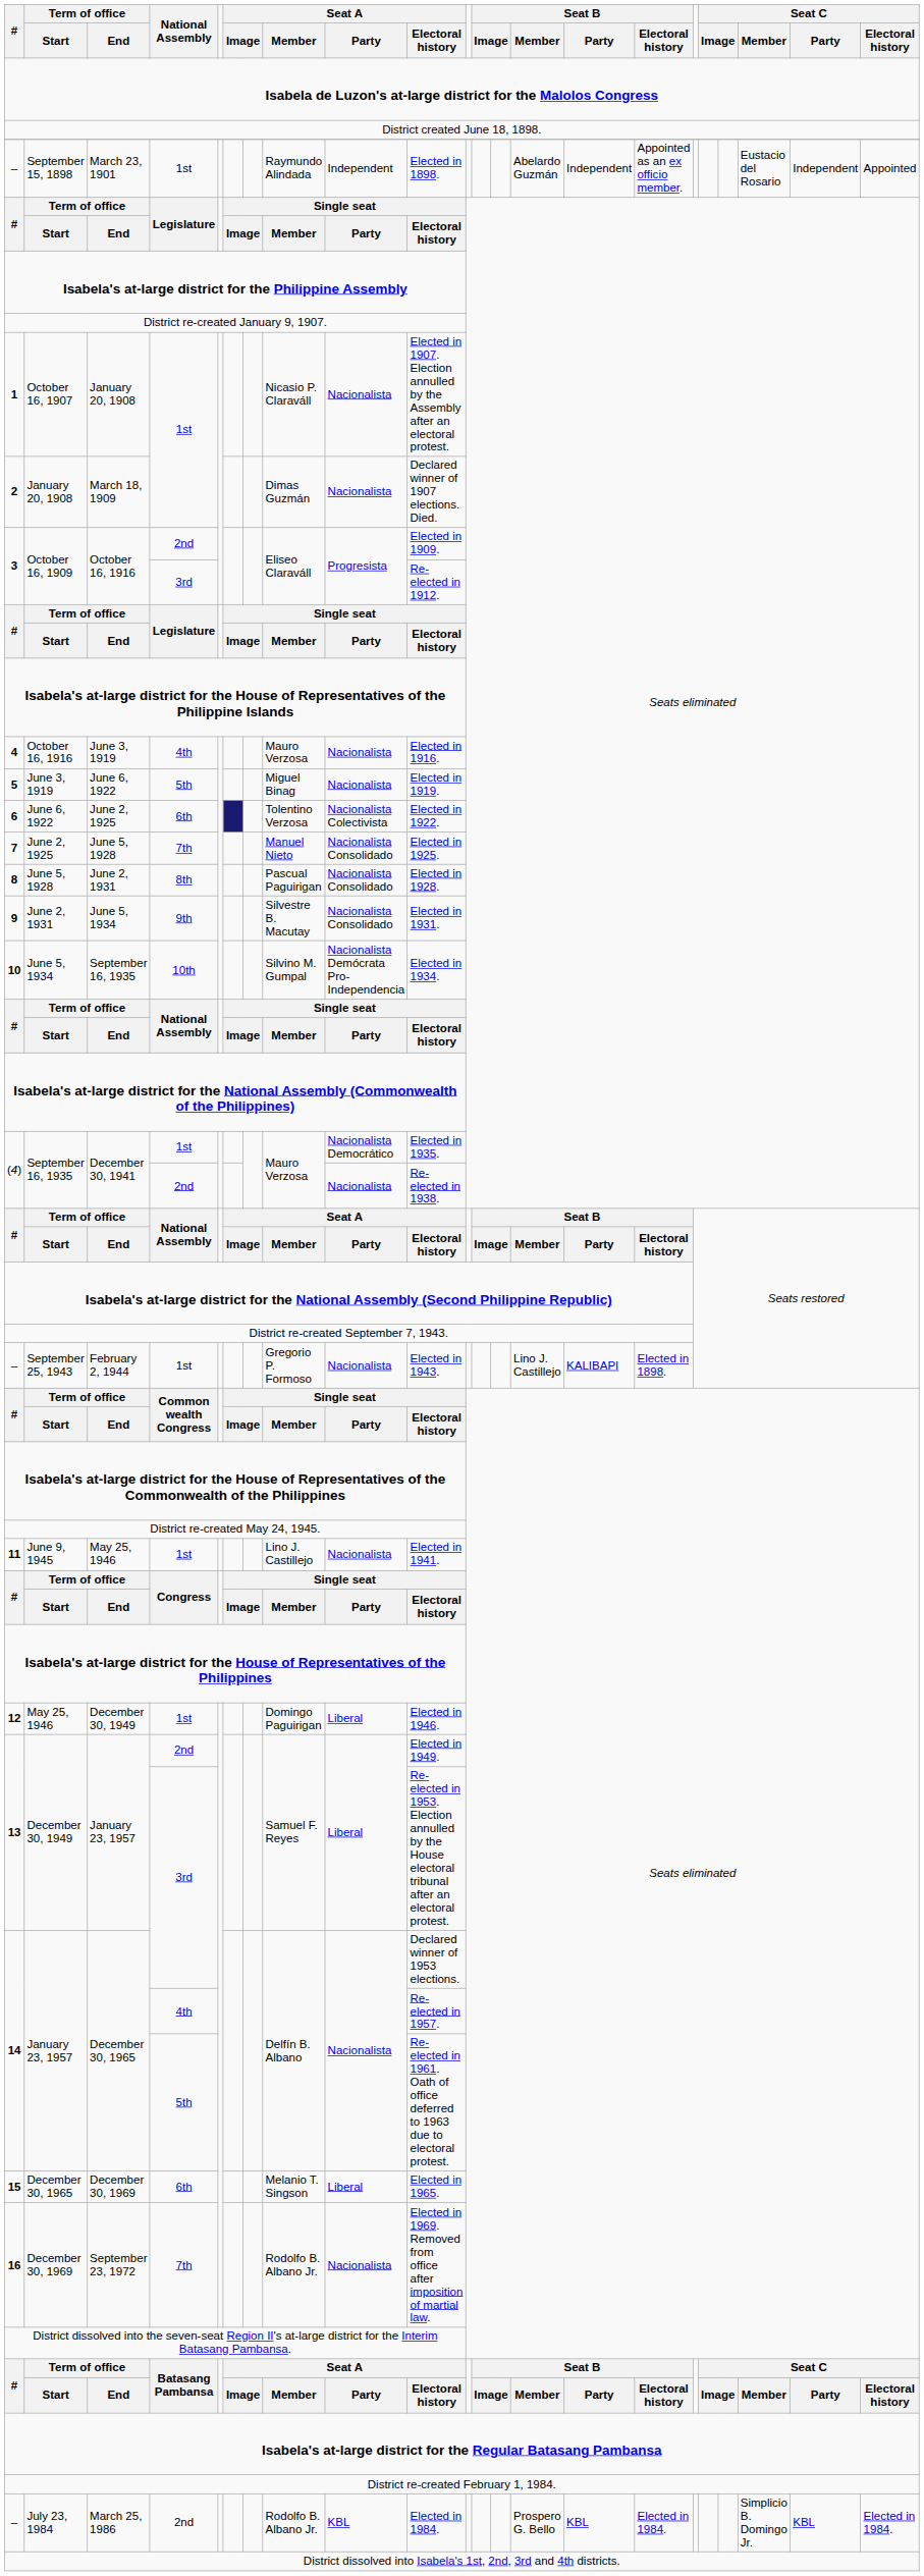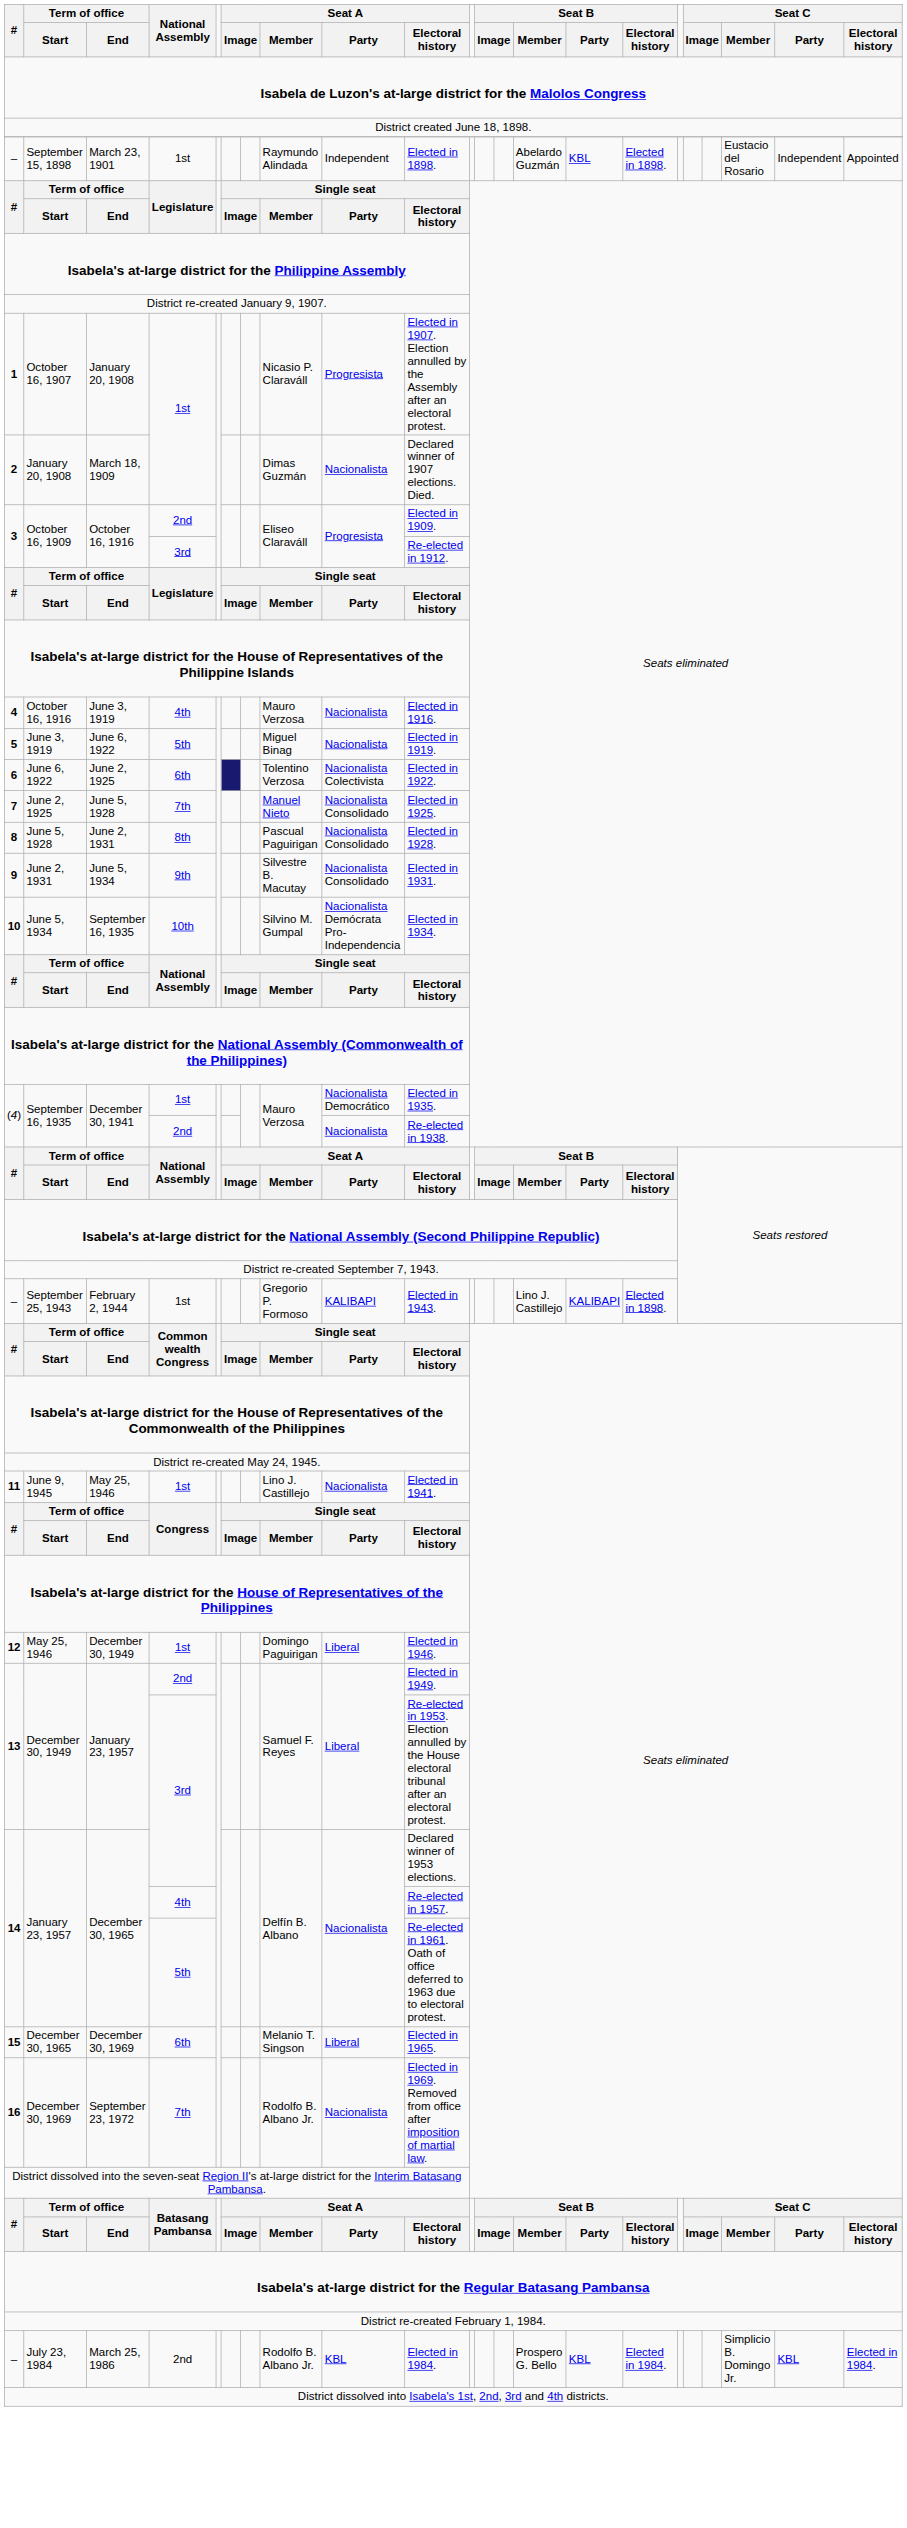 <table class=wikitable>
 <tr>
 <th rowspan=2>#</th>
 <th colspan=2>Term of office</th>
 <th rowspan=2>National<br>Assembly</th>
 <td rowspan=2></td>
 <th colspan=5>Seat A</th>
 <td rowspan=2></td>
 <th colspan=5>Seat B</th>
 <td rowspan=2></td>
 <th colspan=5>Seat C</th>
 </tr>
 <tr style="height:3em">
 <th>Start</th>
 <th>End</th>
 <th colspan="2" style="text-align:center;">Image</th>
 <th>Member</th>
 <th>Party</th>
 <th>Electoral history</th>
 <th colspan="2" style="text-align:center;">Image</th>
 <th>Member</th>
 <th>Party</th>
 <th>Electoral history</th>
 <th colspan="2" style="text-align:center;">Image</th>
 <th>Member</th>
 <th>Party</th>
 <th>Electoral history</th>
 </tr>
 <tr>
 <td colspan="22" style="text-align:center;"><br><h3>Isabela de Luzon's at-large district for the <a href='#'>Malolos Congress</a></h3></td>
 </tr>
 <tr>
 <td colspan="22" style="text-align:center;">District created June 18, 1898.</td>
 </tr>
 <tr>
 </tr>
 <tr style="height:3em">
 <td style="text-align:center;">–</td>
 <td>September 15, 1898</td>
 <td>March 23, 1901</td>
 <td style="text-align:center;">1st</td>
 <td></td>
 <td style="color:inherit;background:"></td>
 <td></td>
 <td>Raymundo Alindada</td>
 <td>Independent</td>
 <td><a href='#'>Elected in 1898</a>.</td>
 <td></td>
 <td style="color:inherit;background:"></td>
 <td></td>
 <td>Abelardo Guzmán</td>
-<td>Independent</td>
-<td>Appointed as an <a href='#'>ex officio member</a>.</td>
+<td><a href='#'>KBL</a></td>
+<td><a href='#'>Elected in 1898</a>.</td>
 <td></td>
 <td style="color:inherit;background:"></td>
 <td></td>
 <td>Eustacio del Rosario</td>
 <td>Independent</td>
 <td>Appointed</td>
 </tr>
 <tr>
 <th rowspan=2>#</th>
 <th colspan=2>Term of office</th>
 <th rowspan=2>Legislature</th>
 <td rowspan=2></td>
 <th colspan=5>Single seat</th>
 <td rowspan=23 colspan=13 style="text-align:center;"><em>Seats eliminated</em></td>
 </tr>
 <tr style="height:3em">
 <th>Start</th>
 <th>End</th>
 <th colspan="2" style="text-align:center;">Image</th>
 <th>Member</th>
 <th>Party</th>
 <th>Electoral history</th>
 </tr>
 <tr>
 <td colspan="10" style="text-align:center;"><br><h3>Isabela's at-large district for the <a href='#'>Philippine Assembly</a></h3></td>
 </tr>
 <tr>
 <td colspan="10" style="text-align:center;">District re-created January 9, 1907.</td>
 </tr>
 <tr>
 <td style="text-align:center;"><strong>1</strong></td>
 <td>October 16, 1907</td>
 <td>January 20, 1908</td>
 <td rowspan="2" style="text-align:center;"><a href='#'>1st</a></td>
 <td rowspan="4"></td>
 <td style="color:inherit;background:"></td>
 <td></td>
 <td>Nicasio P. Claraváll</td>
-<td><a href='#'>Nacionalista</a></td>
+<td><a href='#'>Progresista</a></td>
 <td><a href='#'>Elected in 1907</a>.<br>Election annulled by the Assembly after an electoral protest.</td>
 </tr>
 <tr>
 <td style="text-align:center;"><strong>2</strong></td>
 <td>January 20, 1908</td>
 <td>March 18, 1909</td>
 <td style="color:inherit;background:"></td>
 <td></td>
 <td>Dimas Guzmán</td>
 <td><a href='#'>Nacionalista</a></td>
 <td>Declared winner of 1907 elections.<br>Died.</td>
 </tr>
 <tr>
 <td rowspan="2" style="text-align:center;"><strong>3</strong></td>
 <td rowspan="2">October 16, 1909</td>
 <td rowspan="2">October 16, 1916</td>
 <td style="text-align:center;"><a href='#'>2nd</a></td>
 <td rowspan="2" style="color:inherit;background:"></td>
 <td rowspan="2"></td>
 <td rowspan="2">Eliseo Claraváll</td>
 <td rowspan="2"><a href='#'>Progresista</a></td>
 <td><a href='#'>Elected in 1909</a>.</td>
 </tr>
 <tr>
 <td style="text-align:center;"><a href='#'>3rd</a></td>
 <td><a href='#'>Re-elected in 1912</a>.</td>
 </tr>
 <tr>
 <th rowspan=2>#</th>
 <th colspan=2>Term of office</th>
 <th rowspan=2>Legislature</th>
 <td rowspan=2></td>
 <th colspan=5>Single seat</th>
 </tr>
 <tr style="height:3em">
 <th>Start</th>
 <th>End</th>
 <th colspan="2" style="text-align:center;">Image</th>
 <th>Member</th>
 <th>Party</th>
 <th>Electoral history</th>
 </tr>
 <tr>
 <td colspan="10" style="text-align:center;"><br><h3>Isabela's at-large district for the House of Representatives of the Philippine Islands</h3></td>
 </tr>
 <tr>
 <td style="text-align:center;"><strong>4</strong></td>
 <td>October 16, 1916</td>
 <td>June 3, 1919</td>
 <td style="text-align:center;"><a href='#'>4th</a></td>
 <td rowspan=7></td>
 <td style="color:inherit;background:"></td>
 <td></td>
 <td>Mauro Verzosa</td>
 <td><a href='#'>Nacionalista</a></td>
 <td><a href='#'>Elected in 1916</a>.</td>
 </tr>
 <tr>
 <td style="text-align:center;"><strong>5</strong></td>
 <td>June 3, 1919</td>
 <td>June 6, 1922</td>
 <td style="text-align:center;"><a href='#'>5th</a></td>
 <td style="color:inherit;background:"></td>
 <td></td>
 <td>Miguel Binag</td>
 <td><a href='#'>Nacionalista</a></td>
 <td><a href='#'>Elected in 1919</a>.</td>
 </tr>
 <tr>
 <td style="text-align:center;"><strong>6</strong></td>
 <td>June 6, 1922</td>
 <td>June 2, 1925</td>
 <td style="text-align:center;"><a href='#'>6th</a></td>
 <td style="background-color:#191970"></td>
 <td></td>
 <td>Tolentino Verzosa</td>
 <td><a href='#'>Nacionalista</a><br>Colectivista</td>
 <td><a href='#'>Elected in 1922</a>.</td>
 </tr>
 <tr>
 <td style="text-align:center;"><strong>7</strong></td>
 <td>June 2, 1925</td>
 <td>June 5, 1928</td>
 <td style="text-align:center;"><a href='#'>7th</a></td>
 <td style="color:inherit;background:"></td>
 <td></td>
 <td><a href='#'>Manuel Nieto</a></td>
 <td><a href='#'>Nacionalista</a><br>Consolidado</td>
 <td><a href='#'>Elected in 1925</a>.</td>
 </tr>
 <tr>
 <td style="text-align:center;"><strong>8</strong></td>
 <td>June 5, 1928</td>
 <td>June 2, 1931</td>
 <td style="text-align:center;"><a href='#'>8th</a></td>
 <td style="color:inherit;background:"></td>
 <td></td>
 <td>Pascual Paguirigan</td>
 <td><a href='#'>Nacionalista</a><br>Consolidado</td>
 <td><a href='#'>Elected in 1928</a>.</td>
 </tr>
 <tr>
 <td style="text-align:center;"><strong>9</strong></td>
 <td>June 2, 1931</td>
 <td>June 5, 1934</td>
 <td style="text-align:center;"><a href='#'>9th</a></td>
 <td style="color:inherit;background:"></td>
 <td></td>
 <td>Silvestre B. Macutay</td>
 <td><a href='#'>Nacionalista</a><br>Consolidado</td>
 <td><a href='#'>Elected in 1931</a>.</td>
 </tr>
 <tr>
 <td style="text-align:center;"><strong>10</strong></td>
 <td>June 5, 1934</td>
 <td>September 16, 1935</td>
 <td style="text-align:center;"><a href='#'>10th</a></td>
 <td style="color:inherit;background:"></td>
 <td></td>
 <td>Silvino M. Gumpal</td>
 <td><a href='#'>Nacionalista</a><br>Demócrata Pro-Independencia</td>
 <td><a href='#'>Elected in 1934</a>.</td>
 </tr>
 <tr>
 <th rowspan=2>#</th>
 <th colspan=2>Term of office</th>
 <th rowspan=2>National<br>Assembly</th>
 <td rowspan=2></td>
 <th colspan=5>Single seat</th>
 </tr>
 <tr style="height:3em">
 <th>Start</th>
 <th>End</th>
 <th colspan="2" style="text-align:center;">Image</th>
 <th>Member</th>
 <th>Party</th>
 <th>Electoral history</th>
 </tr>
 <tr>
 <td colspan="10" style="text-align:center;"><br><h3>Isabela's at-large district for the <a href='#'>National Assembly (Commonwealth of the Philippines)</a></h3></td>
 </tr>
 <tr>
 <td rowspan="2" style="text-align:center;">(<em>4</em>)</td>
 <td rowspan="2">September 16, 1935</td>
 <td rowspan="2">December 30, 1941</td>
 <td style="text-align:center;"><a href='#'>1st</a></td>
 <td rowspan=2></td>
 <td style="color:inherit;background:"></td>
 <td rowspan="2"></td>
 <td rowspan="2">Mauro Verzosa</td>
 <td><a href='#'>Nacionalista</a><br>Democrático</td>
 <td><a href='#'>Elected in 1935</a>.</td>
 </tr>
 <tr>
 <td style="text-align:center;"><a href='#'>2nd</a></td>
 <td style="color:inherit;background:"></td>
 <td><a href='#'>Nacionalista</a></td>
 <td><a href='#'>Re-elected in 1938</a>.</td>
 </tr>
 <tr>
 <th rowspan=2>#</th>
 <th colspan=2>Term of office</th>
 <th rowspan=2>National<br>Assembly</th>
 <td rowspan=2></td>
 <th colspan=5>Seat A</th>
 <td rowspan=2></td>
 <th colspan=5>Seat B</th>
 <td rowspan=5 colspan=7 style="text-align:center;"><em>Seats restored</em></td>
 </tr>
 <tr style="height:3em">
 <th>Start</th>
 <th>End</th>
 <th colspan="2" style="text-align:center;">Image</th>
 <th>Member</th>
 <th>Party</th>
 <th>Electoral history</th>
 <th colspan="2" style="text-align:center;">Image</th>
 <th>Member</th>
 <th>Party</th>
 <th>Electoral history</th>
 </tr>
 <tr>
 <td colspan="16" style="text-align:center;"><br><h3>Isabela's at-large district for the <a href='#'>National Assembly (Second Philippine Republic)</a></h3></td>
 </tr>
 <tr>
 <td colspan="16" style="text-align:center;">District re-created September 7, 1943.</td>
 </tr>
 <tr>
 <td style="text-align:center;">–</td>
 <td>September 25, 1943</td>
 <td>February 2, 1944</td>
 <td style="text-align:center;">1st</td>
 <td></td>
 <td style="color:inherit;background:"></td>
 <td></td>
 <td>Gregorio P. Formoso</td>
-<td><a href='#'>Nacionalista</a></td>
+<td><a href='#'>KALIBAPI</a></td>
 <td><a href='#'>Elected in 1943</a>.</td>
 <td></td>
 <td style="color:inherit;background:"></td>
 <td></td>
 <td>Lino J. Castillejo</td>
 <td><a href='#'>KALIBAPI</a></td>
 <td><a href='#'>Elected in 1898</a>.</td>
 </tr>
 <tr>
 <th rowspan=2>#</th>
 <th colspan=2>Term of office</th>
 <th rowspan=2>Common<br>wealth<br>Congress</th>
 <td rowspan=2></td>
 <th colspan=5>Single seat</th>
 <td rowspan=17 colspan=13 style="text-align:center;"><em>Seats eliminated</em></td>
 </tr>
 <tr style="height:3em">
 <th>Start</th>
 <th>End</th>
 <th colspan="2" style="text-align:center;">Image</th>
 <th>Member</th>
 <th>Party</th>
 <th>Electoral history</th>
 </tr>
 <tr>
 <td colspan="10" style="text-align:center;"><br><h3>Isabela's at-large district for the House of Representatives of the Commonwealth of the Philippines</h3></td>
 </tr>
 <tr>
 <td colspan="10" style="text-align:center;">District re-created May 24, 1945.</td>
 </tr>
 <tr>
 <td style="text-align:center;"><strong>11</strong></td>
 <td>June 9, 1945</td>
 <td>May 25, 1946</td>
 <td style="text-align:center;"><a href='#'>1st</a></td>
 <td></td>
 <td style="color:inherit;background:"></td>
 <td></td>
 <td>Lino J. Castillejo</td>
 <td><a href='#'>Nacionalista</a></td>
 <td><a href='#'>Elected in 1941</a>.</td>
 </tr>
 <tr>
 <th rowspan=2>#</th>
 <th colspan=2>Term of office</th>
 <th rowspan=2>Congress</th>
 <td rowspan=2></td>
 <th colspan=5>Single seat</th>
 </tr>
 <tr style="height:3em">
 <th>Start</th>
 <th>End</th>
 <th colspan="2" style="text-align:center;">Image</th>
 <th>Member</th>
 <th>Party</th>
 <th>Electoral history</th>
 </tr>
 <tr>
 <td colspan="10" style="text-align:center;"><br><h3>Isabela's at-large district for the <a href='#'>House of Representatives of the Philippines</a></h3></td>
 </tr>
 <tr>
 <td style="text-align:center;"><strong>12</strong></td>
 <td>May 25, 1946</td>
 <td>December 30, 1949</td>
 <td style="text-align:center;"><a href='#'>1st</a></td>
 <td rowspan=8></td>
 <td style="color:inherit;background:"></td>
 <td></td>
 <td>Domingo Paguirigan</td>
 <td><a href='#'>Liberal</a></td>
 <td><a href='#'>Elected in 1946</a>.</td>
 </tr>
 <tr>
 <td rowspan="2" style="text-align:center;"><strong>13</strong></td>
 <td rowspan="2">December 30, 1949</td>
 <td rowspan="2">January 23, 1957</td>
 <td style="text-align:center;"><a href='#'>2nd</a></td>
 <td rowspan="2" style="color:inherit;background:"></td>
 <td rowspan="2"></td>
 <td rowspan="2">Samuel F. Reyes</td>
 <td rowspan="2"><a href='#'>Liberal</a></td>
 <td><a href='#'>Elected in 1949</a>.</td>
 </tr>
 <tr>
 <td rowspan="2" style="text-align:center;"><a href='#'>3rd</a></td>
 <td><a href='#'>Re-elected in 1953</a>.<br>Election annulled by the House electoral tribunal after an electoral protest.</td>
 </tr>
 <tr>
 <td rowspan="3" style="text-align:center;"><strong>14</strong></td>
 <td rowspan="3">January 23, 1957</td>
 <td rowspan="3">December 30, 1965</td>
 <td rowspan="3" style="color:inherit;background:"></td>
 <td rowspan="3"></td>
 <td rowspan="3">Delfín B. Albano</td>
 <td rowspan="3"><a href='#'>Nacionalista</a></td>
 <td>Declared winner of 1953 elections.</td>
 </tr>
 <tr>
 <td style="text-align:center;"><a href='#'>4th</a></td>
 <td><a href='#'>Re-elected in 1957</a>.</td>
 </tr>
 <tr>
 <td style="text-align:center;"><a href='#'>5th</a></td>
 <td><a href='#'>Re-elected in 1961</a>.<br>Oath of office deferred to 1963 due to electoral protest.</td>
 </tr>
 <tr>
 <td style="text-align:center;"><strong>15</strong></td>
 <td>December 30, 1965</td>
 <td>December 30, 1969</td>
 <td style="text-align:center;"><a href='#'>6th</a></td>
 <td style="color:inherit;background:"></td>
 <td></td>
 <td>Melanio T. Singson</td>
 <td><a href='#'>Liberal</a></td>
 <td><a href='#'>Elected in 1965</a>.</td>
 </tr>
 <tr>
 <td style="text-align:center;"><strong>16</strong></td>
 <td>December 30, 1969</td>
 <td>September 23, 1972</td>
 <td style="text-align:center;"><a href='#'>7th</a></td>
 <td style="color:inherit;background:"></td>
 <td></td>
 <td>Rodolfo B. Albano Jr.</td>
 <td><a href='#'>Nacionalista</a></td>
 <td><a href='#'>Elected in 1969</a>.<br>Removed from office after <a href='#'>imposition of martial law</a>.</td>
 </tr>
 <tr>
 <td colspan="10" style="text-align:center;">District dissolved into the seven-seat <a href='#'>Region II</a>'s at-large district for the <a href='#'>Interim Batasang Pambansa</a>.</td>
 </tr>
 <tr>
 <th rowspan=2>#</th>
 <th colspan=2>Term of office</th>
 <th rowspan=2>Batasang<br>Pambansa</th>
 <td rowspan=2></td>
 <th colspan=5>Seat A</th>
 <td rowspan=2></td>
 <th colspan=5>Seat B</th>
 <td rowspan=2></td>
 <th colspan=5>Seat C</th>
 </tr>
 <tr style="height:3em">
 <th>Start</th>
 <th>End</th>
 <th colspan="2" style="text-align:center;">Image</th>
 <th>Member</th>
 <th>Party</th>
 <th>Electoral history</th>
 <th colspan="2" style="text-align:center;">Image</th>
 <th>Member</th>
 <th>Party</th>
 <th>Electoral history</th>
 <th colspan="2" style="text-align:center;">Image</th>
 <th>Member</th>
 <th>Party</th>
 <th>Electoral history</th>
 </tr>
 <tr>
 <td colspan="22" style="text-align:center;"><br><h3>Isabela's at-large district for the <a href='#'>Regular Batasang Pambansa</a></h3></td>
 </tr>
 <tr>
 <td colspan="22" style="text-align:center;">District re-created February 1, 1984.</td>
 </tr>
 <tr style="height:3em">
 <td style="text-align:center;">–</td>
 <td>July 23, 1984</td>
 <td>March 25, 1986</td>
 <td style="text-align:center;">2nd</td>
 <td></td>
 <td style="color:inherit;background:"></td>
 <td></td>
 <td>Rodolfo B. Albano Jr.</td>
 <td><a href='#'>KBL</a></td>
 <td><a href='#'>Elected in 1984</a>.</td>
 <td></td>
 <td style="color:inherit;background:"></td>
 <td></td>
 <td>Prospero G. Bello</td>
 <td><a href='#'>KBL</a></td>
 <td><a href='#'>Elected in 1984</a>.</td>
 <td></td>
 <td style="color:inherit;background:"></td>
 <td></td>
 <td>Simplicio B. Domingo Jr.</td>
 <td><a href='#'>KBL</a></td>
 <td><a href='#'>Elected in 1984</a>.</td>
 </tr>
 <tr>
 <td colspan="22" style="text-align:center;">District dissolved into <a href='#'>Isabela's 1st</a>, <a href='#'>2nd</a>, <a href='#'>3rd</a> and <a href='#'>4th</a> districts.</td>
 </tr>
 </table>
